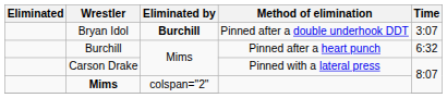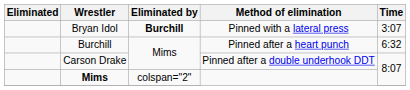 <table class="wikitable sortable" style="text-align:center;">
 <tr>
 <th>Eliminated</th>
 <th>Wrestler</th>
 <th>Eliminated by</th>
 <th>Method of elimination</th>
 <th>Time</th>
 </tr>
 <tr>
 <td></td>
 <td>Bryan Idol</td>
 <td><strong>Burchill</strong></td>
-<td>Pinned after a <a href='#'>double underhook DDT</a></td>
+<td>Pinned with a <a href='#'>lateral press</a></td>
 <td>3:07</td>
 </tr>
 <tr>
 <td></td>
 <td>Burchill</td>
 <td rowspan=2>Mims</td>
 <td>Pinned after a <a href='#'>heart punch</a></td>
 <td>6:32</td>
 </tr>
 <tr>
 <td></td>
 <td>Carson Drake</td>
-<td>Pinned with a <a href='#'>lateral press</a></td>
+<td>Pinned after a <a href='#'>double underhook DDT</a></td>
 <td rowspan=2>8:07</td>
 </tr>
 <tr>
 <td><strong></strong></td>
 <td><strong>Mims</strong></td>
 <td>colspan="2" </td>
 </tr>
 <tr>
 </tr>
 </table>
